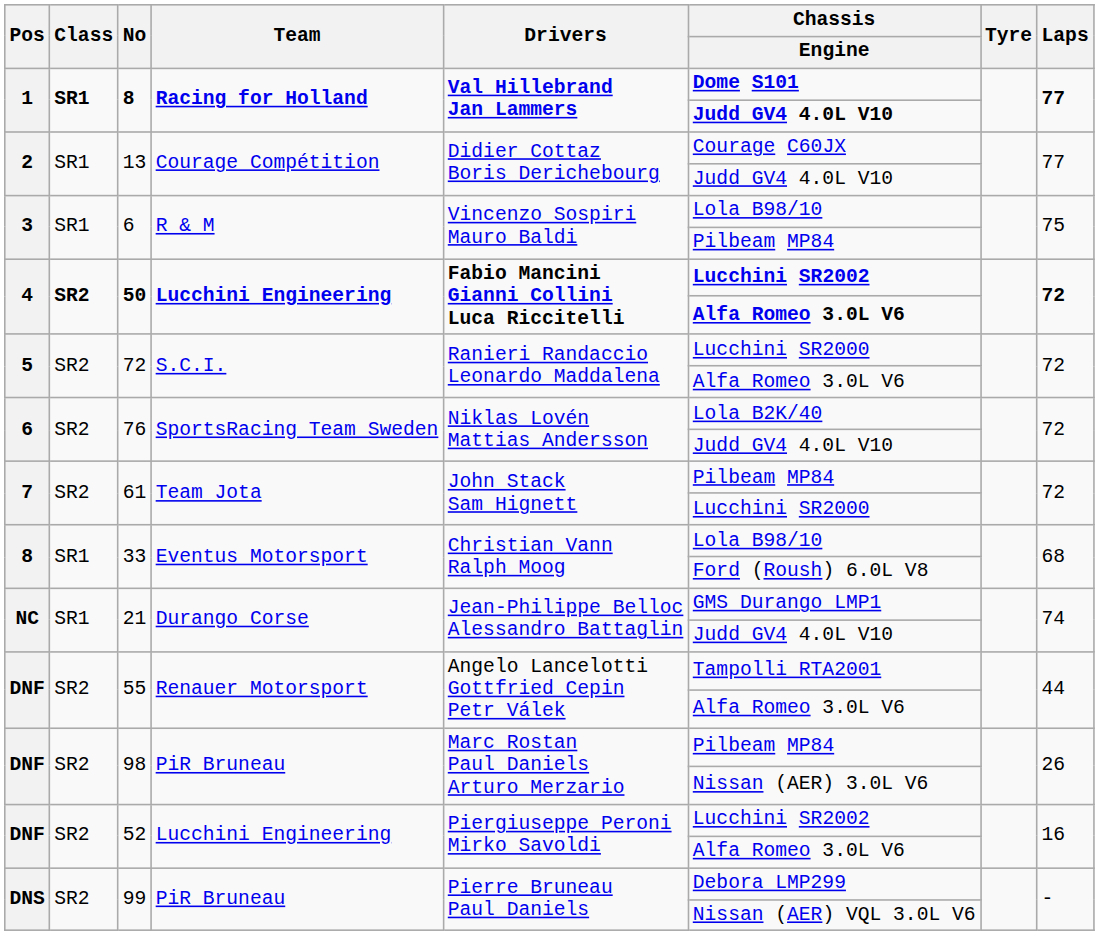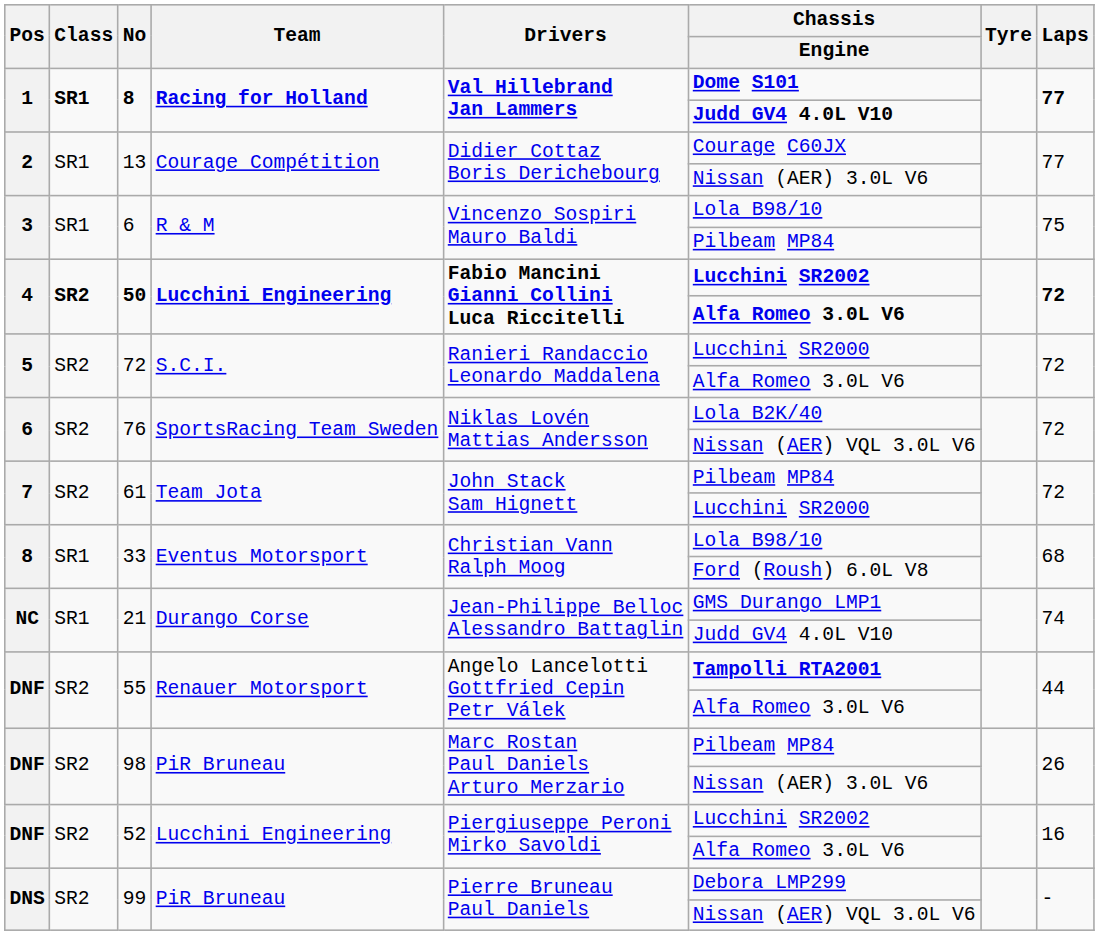 <table class="wikitable" style="font-size: 95%;">
 <tr>
 <th rowspan=2>Pos</th>
 <th rowspan=2>Class</th>
 <th rowspan=2>No</th>
 <th rowspan=2>Team</th>
 <th rowspan=2>Drivers</th>
 <th>Chassis</th>
 <th rowspan=2>Tyre</th>
 <th rowspan=2>Laps</th>
 </tr>
 <tr>
 <th>Engine</th>
 </tr>
 <tr style="font-weight:bold">
 <th rowspan=2>1</th>
 <td rowspan=2>SR1</td>
 <td rowspan=2>8</td>
 <td rowspan=2> <a href='#'>Racing for Holland</a></td>
 <td rowspan=2> <a href='#'>Val Hillebrand</a><br> <a href='#'>Jan Lammers</a></td>
 <td><a href='#'>Dome</a> <a href='#'>S101</a></td>
 <td rowspan=2></td>
 <td rowspan=2>77</td>
 </tr>
 <tr style="font-weight:bold">
 <td><a href='#'>Judd GV4</a> 4.0L V10</td>
 </tr>
 <tr>
 <th rowspan=2>2</th>
 <td rowspan=2>SR1</td>
 <td rowspan=2>13</td>
 <td rowspan=2> <a href='#'>Courage Compétition</a></td>
 <td rowspan=2> <a href='#'>Didier Cottaz</a><br> <a href='#'>Boris Derichebourg</a></td>
 <td><a href='#'>Courage</a> <a href='#'>C60JX</a></td>
 <td rowspan=2></td>
 <td rowspan=2>77</td>
 </tr>
 <tr>
-<td><a href='#'>Judd GV4</a> 4.0L V10</td>
+<td><a href='#'>Nissan</a> (AER) 3.0L V6</td>
 </tr>
 <tr>
 <th rowspan=2>3</th>
 <td rowspan=2>SR1</td>
 <td rowspan=2>6</td>
 <td rowspan=2> <a href='#'>R & M</a></td>
 <td rowspan=2> <a href='#'>Vincenzo Sospiri</a><br> <a href='#'>Mauro Baldi</a></td>
 <td><a href='#'>Lola B98/10</a></td>
 <td rowspan=2></td>
 <td rowspan=2>75</td>
 </tr>
 <tr>
 <td><a href='#'>Pilbeam</a> <a href='#'>MP84</a></td>
 </tr>
 <tr style="font-weight:bold">
 <th rowspan=2>4</th>
 <td rowspan=2>SR2</td>
 <td rowspan=2>50</td>
 <td rowspan=2> <a href='#'>Lucchini Engineering</a></td>
 <td rowspan=2> Fabio Mancini<br> <a href='#'>Gianni Collini</a><br> Luca Riccitelli</td>
 <td><a href='#'>Lucchini</a> <a href='#'>SR2002</a></td>
 <td rowspan=2></td>
 <td rowspan=2>72</td>
 </tr>
 <tr style="font-weight:bold">
 <td><a href='#'>Alfa Romeo</a> 3.0L V6</td>
 </tr>
 <tr>
 <th rowspan=2>5</th>
 <td rowspan=2>SR2</td>
 <td rowspan=2>72</td>
 <td rowspan=2> <a href='#'>S.C.I.</a></td>
 <td rowspan=2> <a href='#'>Ranieri Randaccio</a><br> <a href='#'>Leonardo Maddalena</a></td>
 <td><a href='#'>Lucchini</a> <a href='#'>SR2000</a></td>
 <td rowspan=2></td>
 <td rowspan=2>72</td>
 </tr>
 <tr>
 <td><a href='#'>Alfa Romeo</a> 3.0L V6</td>
 </tr>
 <tr>
 <th rowspan=2>6</th>
 <td rowspan=2>SR2</td>
 <td rowspan=2>76</td>
 <td rowspan=2> <a href='#'>SportsRacing Team Sweden</a></td>
 <td rowspan=2> <a href='#'>Niklas Lovén</a><br> <a href='#'>Mattias Andersson</a></td>
 <td><a href='#'>Lola B2K/40</a></td>
 <td rowspan=2></td>
 <td rowspan=2>72</td>
 </tr>
 <tr>
-<td><a href='#'>Judd GV4</a> 4.0L V10</td>
+<td><a href='#'>Nissan</a> (<a href='#'>AER</a>) VQL 3.0L V6</td>
 </tr>
 <tr>
 <th rowspan=2>7</th>
 <td rowspan=2>SR2</td>
 <td rowspan=2>61</td>
 <td rowspan=2> <a href='#'>Team Jota</a></td>
 <td rowspan=2> <a href='#'>John Stack</a><br> <a href='#'>Sam Hignett</a></td>
 <td><a href='#'>Pilbeam</a> <a href='#'>MP84</a></td>
 <td rowspan=2></td>
 <td rowspan=2>72</td>
 </tr>
 <tr>
 <td><a href='#'>Lucchini</a> <a href='#'>SR2000</a></td>
 </tr>
 <tr>
 <th rowspan=2>8</th>
 <td rowspan=2>SR1</td>
 <td rowspan=2>33</td>
 <td rowspan=2> <a href='#'>Eventus Motorsport</a></td>
 <td rowspan=2> <a href='#'>Christian Vann</a><br> <a href='#'>Ralph Moog</a></td>
 <td><a href='#'>Lola B98/10</a></td>
 <td rowspan=2></td>
 <td rowspan=2>68</td>
 </tr>
 <tr>
 <td><a href='#'>Ford</a> (<a href='#'>Roush</a>) 6.0L V8</td>
 </tr>
 <tr>
 <th rowspan=2>NC</th>
 <td rowspan=2>SR1</td>
 <td rowspan=2>21</td>
 <td rowspan=2> <a href='#'>Durango Corse</a></td>
 <td rowspan=2> <a href='#'>Jean-Philippe Belloc</a><br> <a href='#'>Alessandro Battaglin</a></td>
 <td><a href='#'>GMS Durango LMP1</a></td>
 <td rowspan=2></td>
 <td rowspan=2>74</td>
 </tr>
 <tr>
 <td><a href='#'>Judd GV4</a> 4.0L V10</td>
 </tr>
 <tr>
 <th rowspan=2>DNF</th>
 <td rowspan=2>SR2</td>
 <td rowspan=2>55</td>
 <td rowspan=2> <a href='#'>Renauer Motorsport</a></td>
 <td rowspan=2> Angelo Lancelotti<br> <a href='#'>Gottfried Cepin</a><br> <a href='#'>Petr Válek</a></td>
-<td><a href='#'>Tampolli RTA2001</a></td>
+<td><strong><a href='#'>Tampolli RTA2001</a></strong></td>
 <td rowspan=2></td>
 <td rowspan=2>44</td>
 </tr>
 <tr>
 <td><a href='#'>Alfa Romeo</a> 3.0L V6</td>
 </tr>
 <tr>
 <th rowspan=2>DNF</th>
 <td rowspan=2>SR2</td>
 <td rowspan=2>98</td>
 <td rowspan=2> <a href='#'>PiR Bruneau</a></td>
 <td rowspan=2> <a href='#'>Marc Rostan</a><br> <a href='#'>Paul Daniels</a><br> <a href='#'>Arturo Merzario</a></td>
 <td><a href='#'>Pilbeam</a> <a href='#'>MP84</a></td>
 <td rowspan=2></td>
 <td rowspan=2>26</td>
 </tr>
 <tr>
 <td><a href='#'>Nissan</a> (AER) 3.0L V6</td>
 </tr>
 <tr>
 <th rowspan=2>DNF</th>
 <td rowspan=2>SR2</td>
 <td rowspan=2>52</td>
 <td rowspan=2> <a href='#'>Lucchini Engineering</a></td>
 <td rowspan=2> <a href='#'>Piergiuseppe Peroni</a><br> <a href='#'>Mirko Savoldi</a></td>
 <td><a href='#'>Lucchini</a> <a href='#'>SR2002</a></td>
 <td rowspan=2></td>
 <td rowspan=2>16</td>
 </tr>
 <tr>
 <td><a href='#'>Alfa Romeo</a> 3.0L V6</td>
 </tr>
 <tr>
 <th rowspan=2>DNS</th>
 <td rowspan=2>SR2</td>
 <td rowspan=2>99</td>
 <td rowspan=2> <a href='#'>PiR Bruneau</a></td>
 <td rowspan=2> <a href='#'>Pierre Bruneau</a><br> <a href='#'>Paul Daniels</a></td>
 <td><a href='#'>Debora LMP299</a></td>
 <td rowspan=2></td>
 <td rowspan=2>-</td>
 </tr>
 <tr>
 <td><a href='#'>Nissan</a> (<a href='#'>AER</a>) VQL 3.0L V6</td>
 </tr>
 </table>
